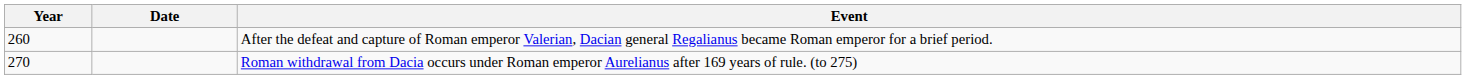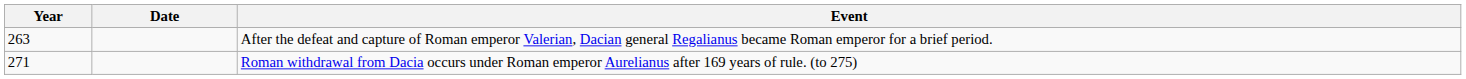 <table class="wikitable" width="100%">
 <tr>
 <th style="width:6%">Year</th>
 <th style="width:10%">Date</th>
 <th>Event</th>
 </tr>
 <tr>
-<td>260</td>
+<td>263</td>
 <td></td>
 <td>After the defeat and capture of Roman emperor <a href='#'>Valerian</a>, <a href='#'>Dacian</a> general <a href='#'>Regalianus</a> became Roman emperor for a brief period.</td>
 </tr>
 <tr>
-<td>270</td>
+<td>271</td>
 <td></td>
 <td><a href='#'>Roman withdrawal from Dacia</a> occurs under Roman emperor <a href='#'>Aurelianus</a> after 169 years of rule. (to 275)</td>
 </tr>
 </table>
